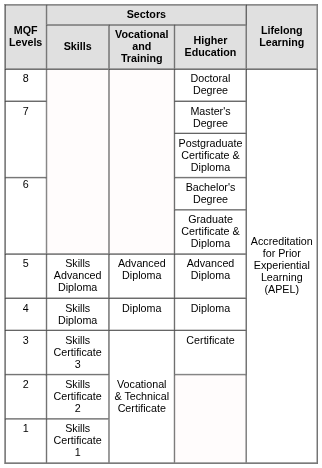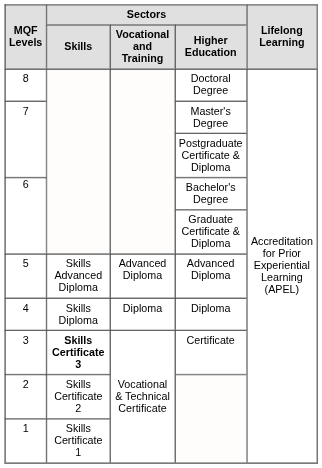 <table width="75%" border="1" style="margin: 1em auto 1em auto" cellpadding="0" cellspacing="0">
 <tr>
 <td width="8%" rowspan="2" align="center" style="background-color:#e0e0e0;padding:5px;"><strong>MQF Levels</strong></td>
 <td width="69%" colspan="3" align="center" style="background-color:#e0e0e0;padding:5px;"><strong>Sectors</strong></td>
 <td width="23%" rowspan="2" align="center" style="background-color:#e0e0e0;padding:5px;"><strong>Lifelong Learning</strong></td>
 </tr>
 <tr>
 <td width="23%" align="center" style="background-color:#e0e0e0;padding:5px;"><strong>Skills</strong></td>
 <td width="23%" align="center" style="background-color:#e0e0e0;padding:5px;"><strong>Vocational and Training</strong></td>
 <td width="23%" align="center" style="background-color:#e0e0e0;padding:5px;"><strong>Higher Education</strong></td>
 </tr>
 <tr>
 <td valign="top" align="center" style="padding:5px;">8</td>
 <td rowspan="5" style="background-color:#FFFCFC;padding:5px;"></td>
 <td rowspan="5" style="background-color:#FFFCFC;padding:5px;"></td>
 <td valign="top" align="center" style="padding:5px;">Doctoral Degree</td>
 <td rowspan="10" align="center" style="padding:5px;">Accreditation for Prior Experiential Learning<br>(APEL)</td>
 </tr>
 <tr>
 <td valign="top" align="center" rowspan="2" style="padding:5px;">7</td>
 <td valign="top" align="center" style="padding:5px;">Master's Degree</td>
 </tr>
 <tr>
 <td valign="top" align="center" style="padding:5px;">Postgraduate Certificate & Diploma</td>
 </tr>
 <tr>
 <td valign="top" align="center" rowspan="2" style="border:padding:5px;">6</td>
 <td valign="top" align="center" style="padding:5px;">Bachelor's Degree</td>
 </tr>
 <tr>
 <td valign="top" align="center" style="padding:5px;">Graduate Certificate & Diploma</td>
 </tr>
 <tr>
 <td valign="top" align="center" style="padding:5px;">5</td>
 <td valign="top" align="center" style="padding:5px;">Skills Advanced Diploma</td>
 <td valign="top" align="center" style="padding:5px;">Advanced Diploma</td>
 <td valign="top" align="center" style="padding:5px;">Advanced Diploma</td>
 </tr>
 <tr>
 <td valign="top" align="center" style="padding:5px;">4</td>
 <td valign="top" align="center" style="padding:5px;">Skills Diploma</td>
 <td valign="top" align="center" style="padding:5px;">Diploma</td>
 <td valign="top" align="center" style="padding:5px;">Diploma</td>
 </tr>
 <tr>
 <td valign="top" align="center" style="padding:5px;">3</td>
-<td valign="top" align="center" style="padding:5px;">Skills Certificate 3</td>
+<td valign="top" align="center" style="padding:5px;"><strong>Skills Certificate 3</strong></td>
 <td rowspan="3" align="center" style="padding:5px;">Vocational & Technical Certificate</td>
 <td valign="top" align="center" style="padding:5px;">Certificate</td>
 </tr>
 <tr>
 <td valign="top" align="center" style="padding:5px;">2</td>
 <td valign="top" align="center" style="padding:5px;">Skills Certificate 2</td>
 <td valign="top" rowspan="2" align="center" style="background-color:#FFFCFC;padding:5px;"></td>
 </tr>
 <tr>
 <td valign="top" align="center" style="padding:5px;">1</td>
 <td valign="top" align="center" style="padding:5px;">Skills Certificate 1</td>
 </tr>
 </table>
